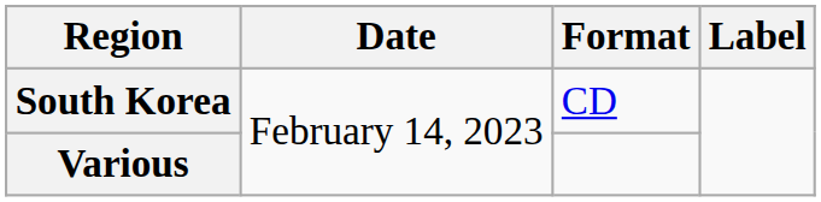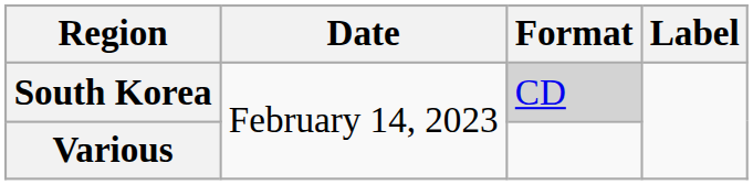 <table class="wikitable plainrowheaders">
 <tr>
 <th scope="col">Region</th>
 <th scope="col">Date</th>
 <th scope="col">Format</th>
 <th scope="col">Label</th>
 </tr>
 <tr>
 <th scope="row">South Korea</th>
 <td rowspan="2">February 14, 2023</td>
-<td><a href='#'>CD</a></td>
+<td style="background: lightgrey;"><a href='#'>CD</a></td>
 <td rowspan="2"></td>
 </tr>
 <tr>
 <th scope="row">Various </th>
 <td></td>
 </tr>
 </table>
